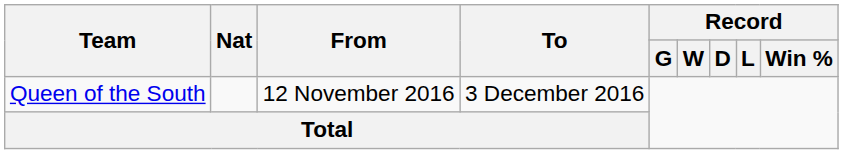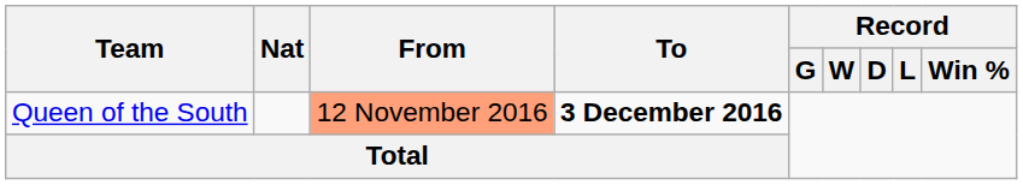 <table class="wikitable" style="text-align: center">
 <tr>
 <th rowspan="2">Team</th>
 <th rowspan="2">Nat</th>
 <th rowspan="2">From</th>
 <th rowspan="2">To</th>
 <th colspan="5">Record</th>
 </tr>
 <tr>
 <th>G</th>
 <th>W</th>
 <th>D</th>
 <th>L</th>
 <th>Win %</th>
 </tr>
 <tr>
 <td align=left><a href='#'>Queen of the South</a></td>
 <td></td>
-<td align=left>12 November 2016</td>
-<td align=left>3 December 2016<br></td>
+<td align=left style="background: lightsalmon;">12 November 2016</td>
+<td align=left><strong>3 December 2016<br></strong></td>
 </tr>
 <tr>
 <th colspan="4">Total<br></th>
 </tr>
 </table>
